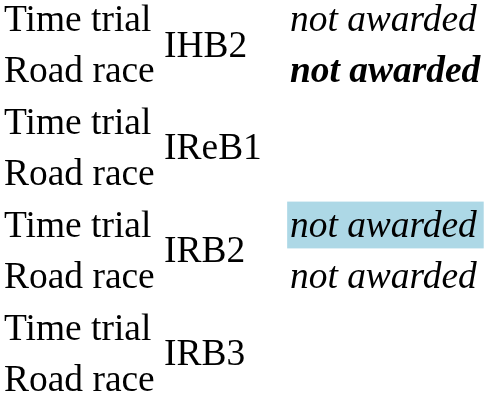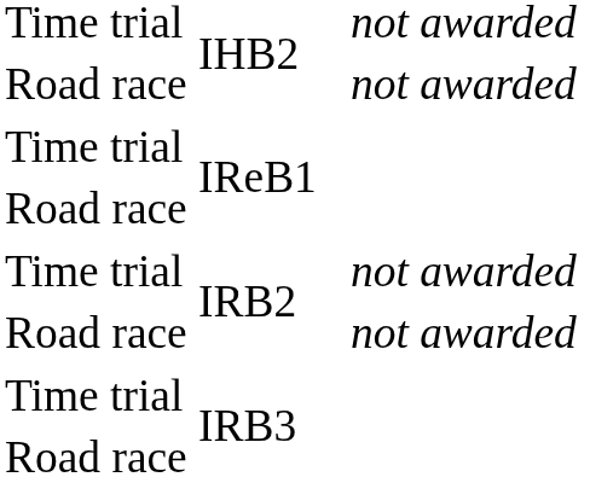 <table>
 <tr>
 <td>Time trial</td>
 <td rowspan=2>IHB2</td>
 <td></td>
 <td></td>
 <td><em>not awarded</em></td>
 </tr>
 <tr>
 <td>Road race</td>
 <td></td>
 <td></td>
-<td><strong><em>not awarded</em></strong></td>
+<td><em>not awarded</em></td>
 </tr>
 <tr>
 <td>Time trial</td>
 <td rowspan=2>IReB1</td>
 <td></td>
 <td></td>
 <td></td>
 </tr>
 <tr>
 <td>Road race</td>
 <td></td>
 <td></td>
 <td></td>
 </tr>
 <tr>
 <td>Time trial</td>
 <td rowspan=2>IRB2</td>
 <td></td>
 <td></td>
-<td style="background: lightblue;"><em>not awarded</em></td>
+<td><em>not awarded</em></td>
 </tr>
 <tr>
 <td>Road race</td>
 <td></td>
 <td></td>
 <td><em>not awarded</em></td>
 </tr>
 <tr>
 <td>Time trial</td>
 <td rowspan=2>IRB3</td>
 <td></td>
 <td></td>
 <td></td>
 </tr>
 <tr>
 <td>Road race</td>
 <td></td>
 <td></td>
 <td></td>
 </tr>
 </table>
